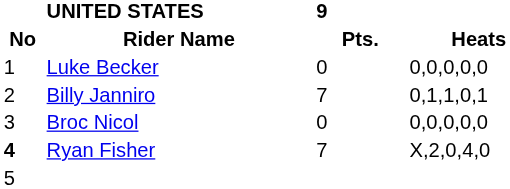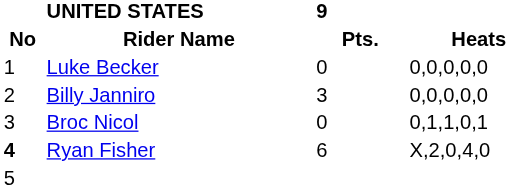 <table class="toccolours">
 <tr>
 <td></td>
 <td><strong>UNITED STATES</strong></td>
 <td><strong>9</strong></td>
 </tr>
 <tr style="background: ">
 <th width=30px>No</th>
 <th width=210px>Rider Name</th>
 <th width=70px>Pts.</th>
 <th width=110px>Heats</th>
 </tr>
 <tr style="background-color:">
 <td>1</td>
 <td><a href='#'>Luke Becker</a></td>
 <td>0</td>
 <td>0,0,0,0,0</td>
 </tr>
 <tr style="background-color:">
 <td>2</td>
 <td><a href='#'>Billy Janniro</a></td>
-<td>7</td>
-<td>0,1,1,0,1</td>
+<td>3</td>
+<td>0,0,0,0,0</td>
 </tr>
 <tr style="background-color:">
 <td>3</td>
 <td><a href='#'>Broc Nicol</a></td>
 <td>0</td>
-<td>0,0,0,0,0</td>
+<td>0,1,1,0,1</td>
 </tr>
 <tr style="background-color:">
 <td><strong>4</strong></td>
 <td><a href='#'>Ryan Fisher</a></td>
-<td>7</td>
+<td>6</td>
 <td>X,2,0,4,0</td>
 </tr>
 <tr style="background-color:">
 <td>5</td>
 <td></td>
 <td></td>
 <td></td>
 </tr>
 </table>
